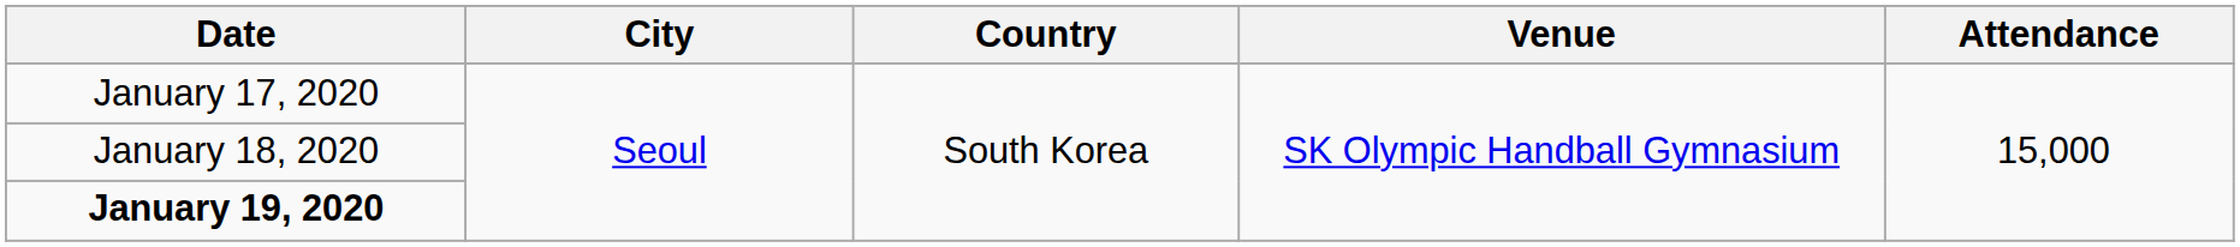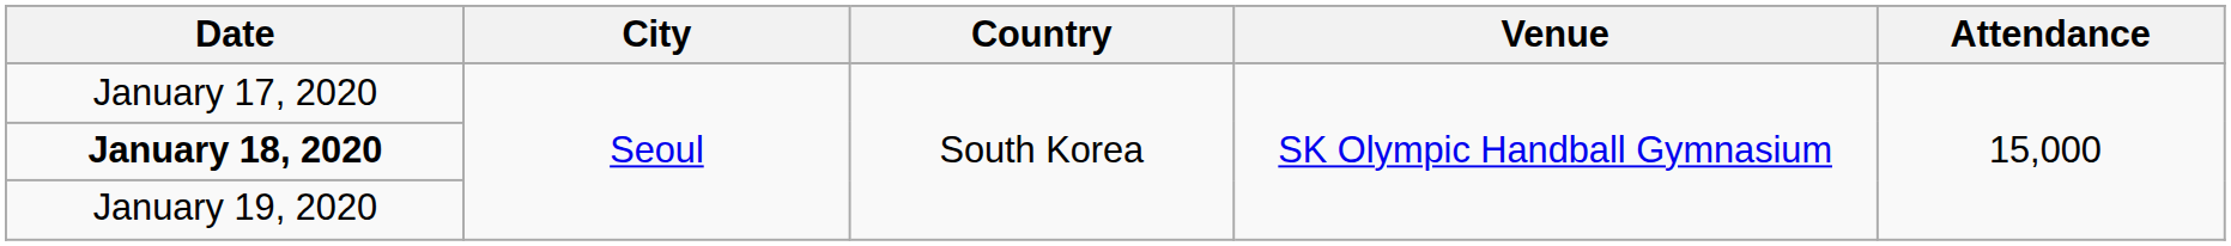 <table class="wikitable" style="text-align:center;">
 <tr>
 <th scope="col" style="width:12em;">Date</th>
 <th scope="col" style="width:10em;">City</th>
 <th scope="col" style="width:10em;">Country</th>
 <th scope="col" style="width:17em;">Venue</th>
 <th scope="col" style="width:9em;">Attendance</th>
 </tr>
 <tr>
 <td>January 17, 2020</td>
 <td rowspan="3"><a href='#'>Seoul</a></td>
 <td rowspan="3">South Korea</td>
 <td rowspan="3"><a href='#'>SK Olympic Handball Gymnasium</a></td>
 <td rowspan="3">15,000 </td>
 </tr>
 <tr>
-<td>January 18, 2020</td>
+<td><strong>January 18, 2020</strong></td>
 </tr>
 <tr>
-<td><strong>January 19, 2020</strong></td>
+<td>January 19, 2020</td>
 </tr>
 </table>
